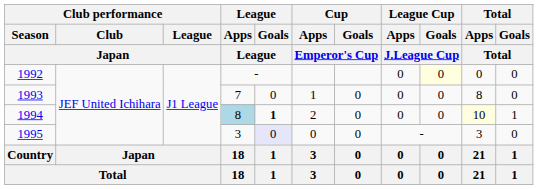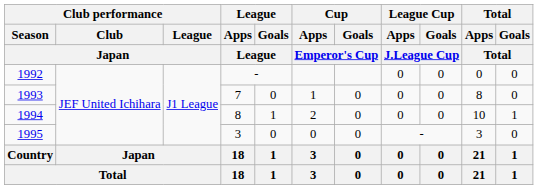 <table class="wikitable" style="text-align:center;">
 <tr>
 <th colspan=3>Club performance</th>
 <th colspan=2>League</th>
 <th colspan=2>Cup</th>
 <th colspan=2>League Cup</th>
 <th colspan=2>Total</th>
 </tr>
 <tr>
 <th>Season</th>
 <th>Club</th>
 <th>League</th>
 <th>Apps</th>
 <th>Goals</th>
 <th>Apps</th>
 <th>Goals</th>
 <th>Apps</th>
 <th>Goals</th>
 <th>Apps</th>
 <th>Goals</th>
 </tr>
 <tr>
 <th colspan=3>Japan</th>
 <th colspan=2>League</th>
 <th colspan=2><a href='#'>Emperor's Cup</a></th>
 <th colspan=2><a href='#'>J.League Cup</a></th>
 <th colspan=2>Total</th>
 </tr>
 <tr>
 <td><a href='#'>1992</a></td>
 <td rowspan="4"><a href='#'>JEF United Ichihara</a></td>
 <td rowspan="4"><a href='#'>J1 League</a></td>
 <td colspan="2">-</td>
 <td></td>
 <td></td>
 <td>0</td>
-<td style="background: lightyellow;">0</td>
+<td>0</td>
 <td>0</td>
 <td>0</td>
 </tr>
 <tr>
 <td><a href='#'>1993</a></td>
 <td>7</td>
 <td>0</td>
 <td>1</td>
 <td>0</td>
 <td>0</td>
 <td>0</td>
 <td>8</td>
 <td>0</td>
 </tr>
 <tr>
 <td><a href='#'>1994</a></td>
-<td style="background: lightblue;">8</td>
-<td><strong>1</strong></td>
+<td>8</td>
+<td>1</td>
 <td>2</td>
 <td>0</td>
 <td>0</td>
 <td>0</td>
-<td style="background: lightyellow;">10</td>
+<td>10</td>
 <td>1</td>
 </tr>
 <tr>
 <td><a href='#'>1995</a></td>
 <td>3</td>
-<td style="background: lavender;">0</td>
+<td>0</td>
 <td>0</td>
 <td>0</td>
 <td colspan="2">-</td>
 <td>3</td>
 <td>0</td>
 </tr>
 <tr>
 <th rowspan=1>Country</th>
 <th colspan=2>Japan</th>
 <th>18</th>
 <th>1</th>
 <th>3</th>
 <th>0</th>
 <th>0</th>
 <th>0</th>
 <th>21</th>
 <th>1</th>
 </tr>
 <tr>
 <th colspan=3>Total</th>
 <th>18</th>
 <th>1</th>
 <th>3</th>
 <th>0</th>
 <th>0</th>
 <th>0</th>
 <th>21</th>
 <th>1</th>
 </tr>
 </table>
